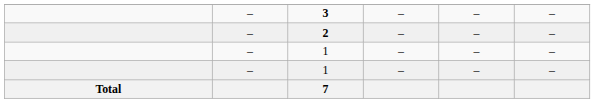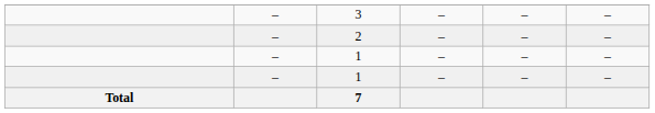 <table class="wikitable sortable" width ="50%">
 <tr align="center">
 </tr>
 <tr align="center" bgcolor="">
 <td></td>
 <td>–</td>
-<td><strong>3</strong></td>
+<td>3</td>
 <td>–</td>
 <td>–</td>
 <td>–</td>
 </tr>
 <tr align="center" bgcolor="f0f0f0">
 <td></td>
 <td>–</td>
-<td><strong>2</strong></td>
+<td>2</td>
 <td>–</td>
 <td>–</td>
 <td>–</td>
 </tr>
 <tr align="center" bgcolor="">
 <td></td>
 <td>–</td>
 <td>1</td>
 <td>–</td>
 <td>–</td>
 <td>–</td>
 </tr>
 <tr align="center" bgcolor="f0f0f0">
 <td></td>
 <td>–</td>
 <td>1</td>
 <td>–</td>
 <td>–</td>
 <td>–</td>
 </tr>
 <tr>
 <th>Total</th>
 <th></th>
 <th>7</th>
 <th></th>
 <th></th>
 <th></th>
 </tr>
 </table>
